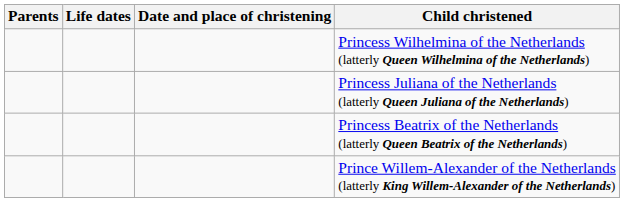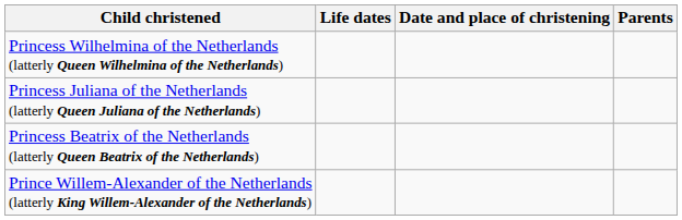 <table class="wikitable">
 <tr>
-<th>Parents</th>
+<th>Child christened</th>
 <th>Life dates</th>
 <th>Date and place of christening</th>
-<th>Child christened</th>
+<th>Parents</th>
 </tr>
 <tr>
+<td><a href='#'>Princess Wilhelmina of the Netherlands</a><br><small>(latterly <strong><em>Queen Wilhelmina of the Netherlands</em></strong>)</small></td>
 <td></td>
 <td></td>
 <td></td>
-<td><a href='#'>Princess Wilhelmina of the Netherlands</a><br><small>(latterly <strong><em>Queen Wilhelmina of the Netherlands</em></strong>)</small></td>
 </tr>
 <tr>
+<td><a href='#'>Princess Juliana of the Netherlands</a><br><small>(latterly <strong><em>Queen Juliana of the Netherlands</em></strong>)</small></td>
 <td></td>
 <td></td>
 <td></td>
-<td><a href='#'>Princess Juliana of the Netherlands</a><br><small>(latterly <strong><em>Queen Juliana of the Netherlands</em></strong>)</small></td>
 </tr>
 <tr>
+<td><a href='#'>Princess Beatrix of the Netherlands</a><br><small>(latterly <strong><em>Queen Beatrix of the Netherlands</em></strong>)</small></td>
 <td></td>
 <td></td>
 <td></td>
-<td><a href='#'>Princess Beatrix of the Netherlands</a><br><small>(latterly <strong><em>Queen Beatrix of the Netherlands</em></strong>)</small></td>
 </tr>
 <tr>
+<td><a href='#'>Prince Willem-Alexander of the Netherlands</a><br><small>(latterly <strong><em>King Willem-Alexander of the Netherlands</em></strong>)</small></td>
 <td></td>
 <td></td>
 <td></td>
-<td><a href='#'>Prince Willem-Alexander of the Netherlands</a><br><small>(latterly <strong><em>King Willem-Alexander of the Netherlands</em></strong>)</small></td>
 </tr>
 </table>
